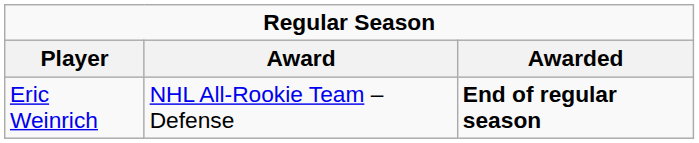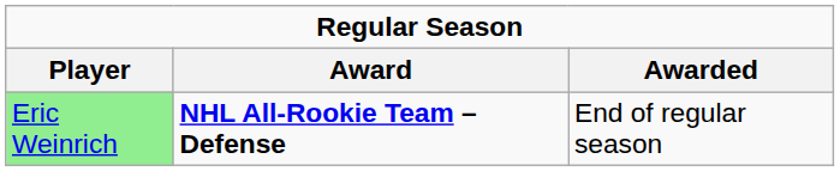 <table class="wikitable" style="width:55%;">
 <tr>
 <td colspan="10" style="text-align:center;"><strong>Regular Season</strong></td>
 </tr>
 <tr>
 <th>Player</th>
 <th>Award</th>
 <th>Awarded</th>
 </tr>
 <tr>
-<td><a href='#'>Eric Weinrich</a></td>
-<td><a href='#'>NHL All-Rookie Team</a> – Defense</td>
-<td><strong>End of regular season</strong></td>
+<td style="background: lightgreen;"><a href='#'>Eric Weinrich</a></td>
+<td><strong><a href='#'>NHL All-Rookie Team</a> – Defense</strong></td>
+<td>End of regular season</td>
 </tr>
 </table>
